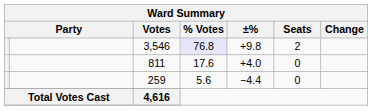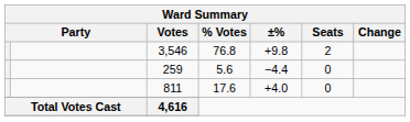 <table class="wikitable" style="font-size: 95%;">
 <tr style="background-color:#E9E9E9">
 <th colspan="7">Ward Summary</th>
 </tr>
 <tr style="background-color:#E9E9E9">
 <th colspan="2">Party</th>
 <th style="width: 60px">Votes</th>
 <th style="width: 60px">% Votes</th>
 <th style="width: 60px">±%</th>
 <th style="width: 60px">Seats</th>
 <th style="width: 60px">Change</th>
 </tr>
 <tr>
 <th style="background-color: "></th>
 <td style="width: 170px"><a href='#'></a></td>
 <td align="center">3,546</td>
-<td align="center" style="background: lavender;">76.8</td>
+<td align="center">76.8</td>
 <td align="center">+9.8</td>
 <td align="center">2</td>
+<td align="center"></td>
+</tr>
+<tr>
+<th style="background-color: "></th>
+<td style="width: 170px"><a href='#'></a></td>
+<td align="center">259</td>
+<td align="center">5.6</td>
+<td align="center">−4.4</td>
+<td align="center">0</td>
 <td align="center"></td>
 </tr>
 <tr>
 <th style="background-color: "></th>
 <td style="width: 170px"><a href='#'></a></td>
 <td align="center">811</td>
 <td align="center">17.6</td>
 <td align="center">+4.0</td>
 <td align="center">0</td>
 <td align="center"></td>
 </tr>
 <tr>
-<th style="background-color: "></th>
-<td style="width: 170px"><a href='#'></a></td>
-<td align="center">259</td>
-<td align="center">5.6</td>
-<td align="center">−4.4</td>
-<td align="center">0</td>
-<td align="center"></td>
-</tr>
-<tr>
 </tr>
 <tr style="background-color:#E9E9E9">
 <th colspan="2">Total Votes Cast</th>
 <th style="width: 60px">4,616</th>
 </tr>
 <tr style="background-color:#E9E9E9">
 </tr>
 </table>
